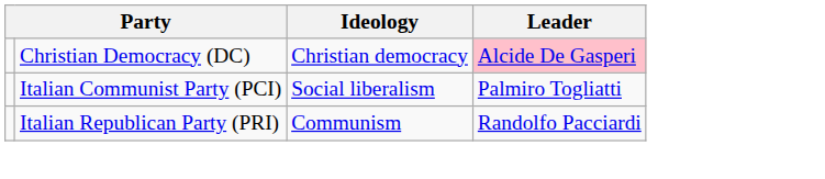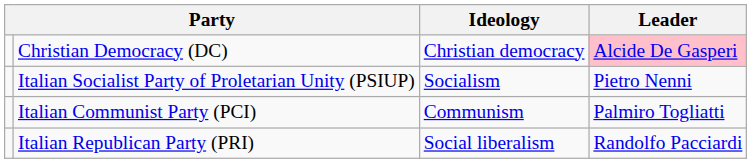 <table class=wikitable style="font-size:100%">
 <tr>
 <th colspan=2>Party</th>
 <th>Ideology</th>
 <th>Leader</th>
 </tr>
 <tr>
 <td style="color:inherit;background:"></td>
 <td><a href='#'>Christian Democracy</a> (DC)</td>
 <td><a href='#'>Christian democracy</a></td>
 <td style="background: pink;"><a href='#'>Alcide De Gasperi</a></td>
 </tr>
 <tr>
 <td style="color:inherit;background:"></td>
+<td><a href='#'>Italian Socialist Party of Proletarian Unity</a> (PSIUP)</td>
+<td><a href='#'>Socialism</a></td>
+<td><a href='#'>Pietro Nenni</a></td>
+</tr>
+<tr>
+<td style="color:inherit;background:"></td>
 <td><a href='#'>Italian Communist Party</a> (PCI)</td>
-<td><a href='#'>Social liberalism</a></td>
+<td><a href='#'>Communism</a></td>
 <td><a href='#'>Palmiro Togliatti</a></td>
 </tr>
 <tr>
 <td style="color:inherit;background:"></td>
 <td><a href='#'>Italian Republican Party</a> (PRI)</td>
-<td><a href='#'>Communism</a></td>
+<td><a href='#'>Social liberalism</a></td>
 <td><a href='#'>Randolfo Pacciardi</a></td>
 </tr>
 </table>
